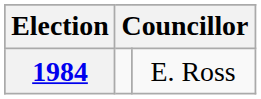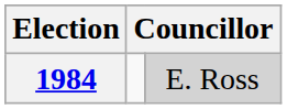 <table class="wikitable" style="text-align:center">
 <tr>
 <th>Election</th>
 <th colspan=2>Councillor</th>
 </tr>
 <tr>
 <th><a href='#'>1984</a></th>
 <td style="background-color: "></td>
-<td>E. Ross</td>
+<td style="background: lightgrey;">E. Ross</td>
 </tr>
 </table>
